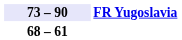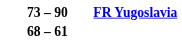 <table style="text-align:center">
 <tr>
 <th width=200></th>
 <th width=100></th>
 <th width=200></th>
 </tr>
 <tr>
 <td align=right></td>
-<td style="background: lavender;"><strong>73 – 90</strong></td>
+<td><strong>73 – 90</strong></td>
 <td align=left><strong> <a href='#'>FR Yugoslavia</a></strong></td>
 </tr>
 <tr>
 <td align=right><strong></strong></td>
 <td><strong>68 – 61</strong></td>
 <td align=left></td>
 </tr>
 </table>
